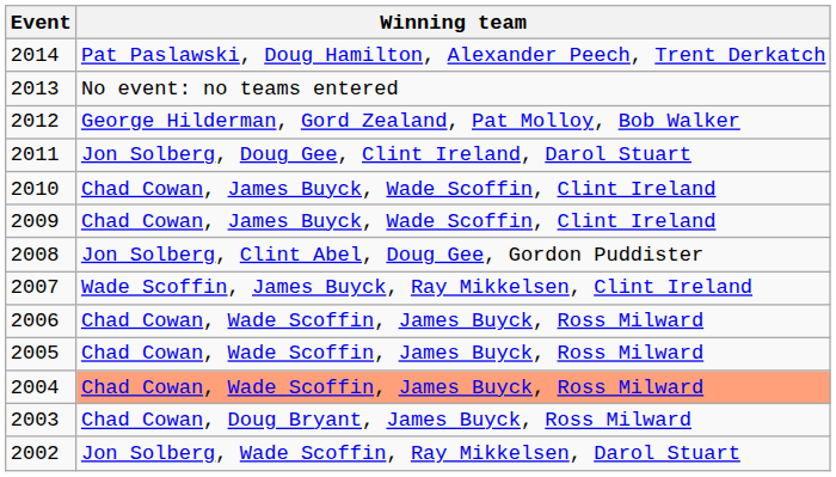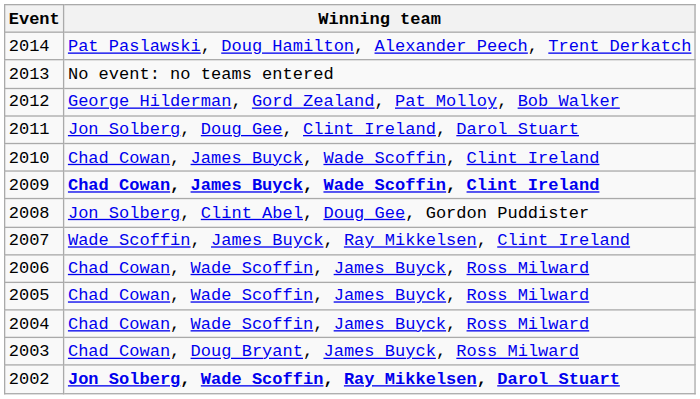 <table class="wikitable">
 <tr>
 <th scope="col">Event</th>
 <th scope="col">Winning team</th>
 </tr>
 <tr>
 <td>2014</td>
 <td><a href='#'>Pat Paslawski</a>, <a href='#'>Doug Hamilton</a>, <a href='#'>Alexander Peech</a>, <a href='#'>Trent Derkatch</a></td>
 </tr>
 <tr>
 <td>2013</td>
 <td>No event: no teams entered</td>
 </tr>
 <tr>
 <td>2012</td>
 <td><a href='#'>George Hilderman</a>, <a href='#'>Gord Zealand</a>, <a href='#'>Pat Molloy</a>, <a href='#'>Bob Walker</a></td>
 </tr>
 <tr>
 <td>2011</td>
 <td><a href='#'>Jon Solberg</a>, <a href='#'>Doug Gee</a>, <a href='#'>Clint Ireland</a>, <a href='#'>Darol Stuart</a></td>
 </tr>
 <tr>
 <td>2010</td>
 <td><a href='#'>Chad Cowan</a>, <a href='#'>James Buyck</a>, <a href='#'>Wade Scoffin</a>, <a href='#'>Clint Ireland</a></td>
 </tr>
 <tr>
 <td>2009</td>
-<td><a href='#'>Chad Cowan</a>, <a href='#'>James Buyck</a>, <a href='#'>Wade Scoffin</a>, <a href='#'>Clint Ireland</a></td>
+<td><strong><a href='#'>Chad Cowan</a>, <a href='#'>James Buyck</a>, <a href='#'>Wade Scoffin</a>, <a href='#'>Clint Ireland</a></strong></td>
 </tr>
 <tr>
 <td>2008</td>
 <td><a href='#'>Jon Solberg</a>, <a href='#'>Clint Abel</a>, <a href='#'>Doug Gee</a>, Gordon Puddister</td>
 </tr>
 <tr>
 <td>2007</td>
 <td><a href='#'>Wade Scoffin</a>, <a href='#'>James Buyck</a>, <a href='#'>Ray Mikkelsen</a>, <a href='#'>Clint Ireland</a></td>
 </tr>
 <tr>
 <td>2006</td>
 <td><a href='#'>Chad Cowan</a>, <a href='#'>Wade Scoffin</a>, <a href='#'>James Buyck</a>, <a href='#'>Ross Milward</a></td>
 </tr>
 <tr>
 <td>2005</td>
 <td><a href='#'>Chad Cowan</a>, <a href='#'>Wade Scoffin</a>, <a href='#'>James Buyck</a>, <a href='#'>Ross Milward</a></td>
 </tr>
 <tr>
 <td>2004</td>
-<td style="background: lightsalmon;"><a href='#'>Chad Cowan</a>, <a href='#'>Wade Scoffin</a>, <a href='#'>James Buyck</a>, <a href='#'>Ross Milward</a></td>
+<td><a href='#'>Chad Cowan</a>, <a href='#'>Wade Scoffin</a>, <a href='#'>James Buyck</a>, <a href='#'>Ross Milward</a></td>
 </tr>
 <tr>
 <td>2003</td>
 <td><a href='#'>Chad Cowan</a>, <a href='#'>Doug Bryant</a>, <a href='#'>James Buyck</a>, <a href='#'>Ross Milward</a></td>
 </tr>
 <tr>
 <td>2002</td>
-<td><a href='#'>Jon Solberg</a>, <a href='#'>Wade Scoffin</a>, <a href='#'>Ray Mikkelsen</a>, <a href='#'>Darol Stuart</a></td>
+<td><strong><a href='#'>Jon Solberg</a>, <a href='#'>Wade Scoffin</a>, <a href='#'>Ray Mikkelsen</a>, <a href='#'>Darol Stuart</a></strong></td>
 </tr>
 </table>
